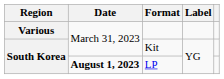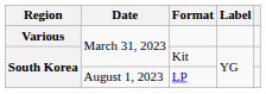 <table class="wikitable plainrowheaders">
 <tr>
 <th scope="col">Region</th>
 <th scope="col">Date</th>
 <th scope="col">Format</th>
 <th scope="col">Label</th>
 <th scope="col"></th>
 </tr>
 <tr>
 <th scope="row">Various</th>
 <td rowspan="2">March 31, 2023</td>
 <td></td>
 <td></td>
 <td></td>
 </tr>
 <tr>
 <th scope="row" rowspan="2">South Korea</th>
 <td>Kit</td>
 <td rowspan="2">YG</td>
 <td></td>
 </tr>
 <tr>
-<td><strong>August 1, 2023</strong></td>
+<td>August 1, 2023</td>
 <td><a href='#'>LP</a></td>
 <td></td>
 </tr>
 </table>
